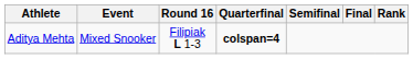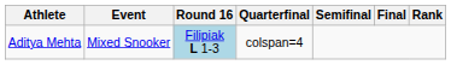 <table class="wikitable" border="1" style="font-size:90%">
 <tr>
 <th>Athlete</th>
 <th>Event</th>
 <th>Round 16</th>
 <th>Quarterfinal</th>
 <th>Semifinal</th>
 <th>Final</th>
 <th>Rank</th>
 </tr>
 <tr align=center>
 <td align=left><a href='#'>Aditya Mehta</a></td>
 <td><a href='#'>Mixed Snooker</a></td>
-<td> <a href='#'>Filipiak</a><br><strong>L</strong> 1-3</td>
-<td><strong>colspan=4 </strong></td>
+<td style="background: lightblue;"> <a href='#'>Filipiak</a><br><strong>L</strong> 1-3</td>
+<td>colspan=4 </td>
 </tr>
 </table>
